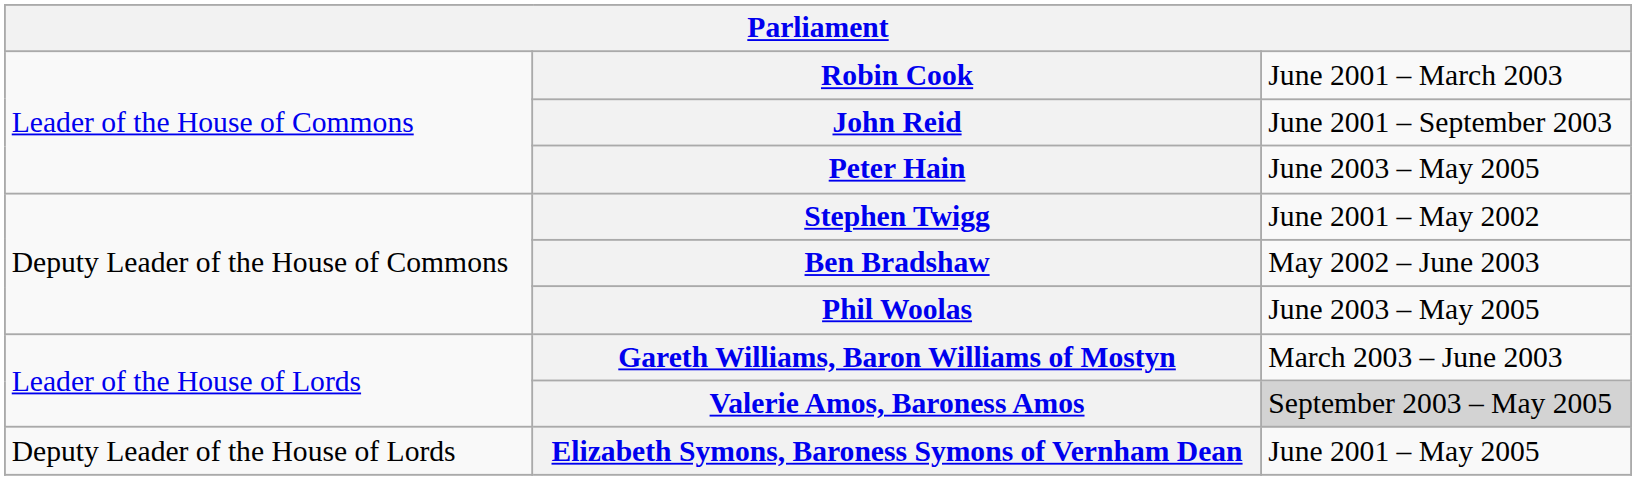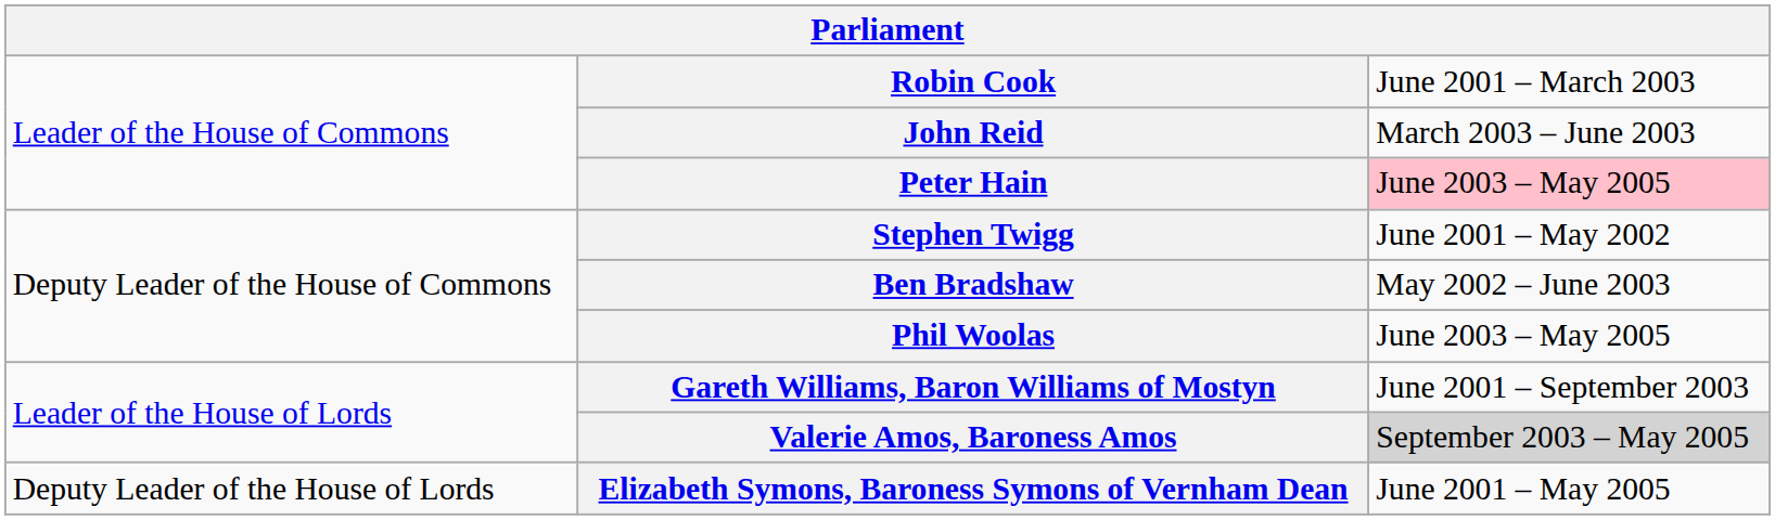 <table class="wikitable plainrowheaders" width=100% style="max-width:55em;">
 <tr>
 <th colspan=4><a href='#'>Parliament</a></th>
 </tr>
 <tr>
 <td rowspan="3"><a href='#'>Leader of the House of Commons</a></td>
 <th scope="row" style="font-weight:bold;"><a href='#'>Robin Cook</a></th>
 <td>June 2001 – March 2003</td>
 </tr>
 <tr>
 <th scope="row" style="font-weight:bold;"><a href='#'>John Reid</a></th>
-<td>June 2001 – September 2003</td>
+<td>March 2003 – June 2003</td>
 </tr>
 <tr>
 <th scope="row" style="font-weight:bold;"><a href='#'>Peter Hain</a></th>
-<td>June 2003 – May 2005</td>
+<td style="background: pink;">June 2003 – May 2005</td>
 </tr>
 <tr>
 <td rowspan="3">Deputy Leader of the House of Commons</td>
 <th scope="row"><a href='#'>Stephen Twigg</a></th>
 <td>June 2001 – May 2002</td>
 </tr>
 <tr>
 <th scope="row"><a href='#'>Ben Bradshaw</a></th>
 <td>May 2002 – June 2003</td>
 </tr>
 <tr>
 <th scope="row"><a href='#'>Phil Woolas</a></th>
 <td>June 2003 – May 2005</td>
 </tr>
 <tr>
 <td rowspan="2"><a href='#'>Leader of the House of Lords</a></td>
 <th scope="row" style="font-weight:bold;"><a href='#'>Gareth Williams, Baron Williams of Mostyn</a></th>
-<td>March 2003 – June 2003</td>
+<td>June 2001 – September 2003</td>
 </tr>
 <tr>
 <th scope="row" style="font-weight:bold;"><a href='#'>Valerie Amos, Baroness Amos</a></th>
 <td style="background: lightgrey;">September 2003 – May 2005</td>
 </tr>
 <tr>
 <td>Deputy Leader of the House of Lords</td>
 <th scope="row"><a href='#'>Elizabeth Symons, Baroness Symons of Vernham Dean</a></th>
 <td>June 2001 – May 2005</td>
 </tr>
 </table>
